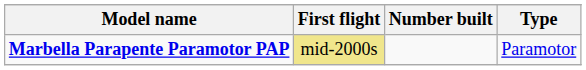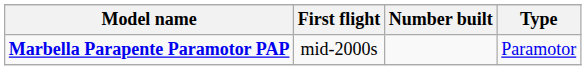 <table class="wikitable" align=center style="font-size:90%;">
 <tr>
 </tr>
 <tr style="background:#efefef;">
 <th>Model name</th>
 <th>First flight</th>
 <th>Number built</th>
 <th>Type</th>
 </tr>
 <tr>
 <td align=left><strong><a href='#'>Marbella Parapente Paramotor PAP</a></strong></td>
-<td align=center style="background: khaki;">mid-2000s</td>
+<td align=center>mid-2000s</td>
 <td align=center></td>
 <td align=left><a href='#'>Paramotor</a></td>
 </tr>
 <tr>
 </tr>
 </table>
